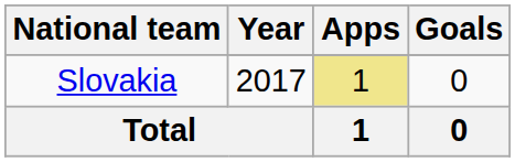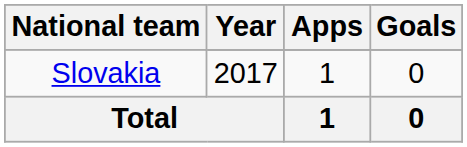 <table class="wikitable" style="text-align:center">
 <tr>
 <th>National team</th>
 <th>Year</th>
 <th>Apps</th>
 <th>Goals</th>
 </tr>
 <tr>
 <td rowspan=2><a href='#'>Slovakia</a></td>
 </tr>
 <tr>
 <td>2017</td>
-<td style="background: khaki;">1</td>
+<td>1</td>
 <td>0</td>
 </tr>
 <tr>
 <th colspan="2">Total</th>
 <th>1</th>
 <th>0</th>
 </tr>
 </table>
